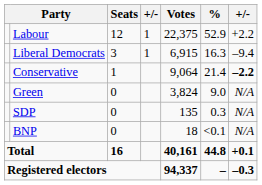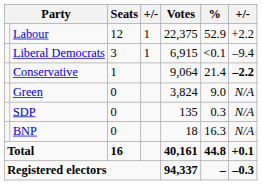 <table class="wikitable sortable">
 <tr>
 <th colspan="2">Party</th>
 <th>Seats</th>
 <th>+/-</th>
 <th>Votes</th>
 <th>%</th>
 <th>+/-</th>
 </tr>
 <tr>
 <td style="background-color: "></td>
 <td><a href='#'>Labour</a></td>
 <td>12</td>
 <td> 1</td>
 <td style="text-align:right;">22,375</td>
 <td style="text-align:right;">52.9</td>
 <td style="text-align:right;">+2.2</td>
 </tr>
 <tr>
 <td style="background-color: "></td>
 <td><a href='#'>Liberal Democrats</a></td>
 <td>3</td>
 <td> 1</td>
 <td style="text-align:right;">6,915</td>
-<td style="text-align:right;">16.3</td>
+<td style="text-align:right;"><0.1</td>
 <td style="text-align:right;">–9.4</td>
 </tr>
 <tr>
 <td style="background-color: "></td>
 <td><a href='#'>Conservative</a></td>
 <td>1</td>
 <td></td>
 <td style="text-align:right;">9,064</td>
 <td style="text-align:right;">21.4</td>
 <td style="text-align:right;"><strong>–2.2</strong></td>
 </tr>
 <tr>
 <td style="background-color: "></td>
 <td><a href='#'>Green</a></td>
 <td>0</td>
 <td></td>
 <td style="text-align:right;">3,824</td>
 <td style="text-align:right;">9.0</td>
 <td style="text-align:right;"><em>N/A</em></td>
 </tr>
 <tr>
 <td style="background-color: "></td>
 <td><a href='#'>SDP</a></td>
 <td>0</td>
 <td></td>
 <td style="text-align:right;">135</td>
 <td style="text-align:right;">0.3</td>
 <td style="text-align:right;"><em>N/A</em></td>
 </tr>
 <tr>
 <td style="background-color: "></td>
 <td><a href='#'>BNP</a></td>
 <td>0</td>
 <td></td>
 <td style="text-align:right;">18</td>
-<td style="text-align:right;"><0.1</td>
+<td style="text-align:right;">16.3</td>
 <td style="text-align:right;"><em>N/A</em></td>
 </tr>
 <tr>
 <td colspan="2"><strong>Total</strong></td>
 <td><strong>16</strong></td>
 <td></td>
 <td style="text-align:right;"><strong>40,161</strong></td>
 <td style="text-align:right;"><strong>44.8</strong></td>
 <td style="text-align:right;"><strong>+0.1</strong></td>
 </tr>
 <tr>
 <td colspan="4"><strong>Registered electors</strong></td>
 <td style="text-align:right;"><strong>94,337</strong></td>
 <td style="text-align:right;"><strong>–</strong></td>
 <td style="text-align:right;"><strong>–0.3</strong></td>
 </tr>
 </table>
